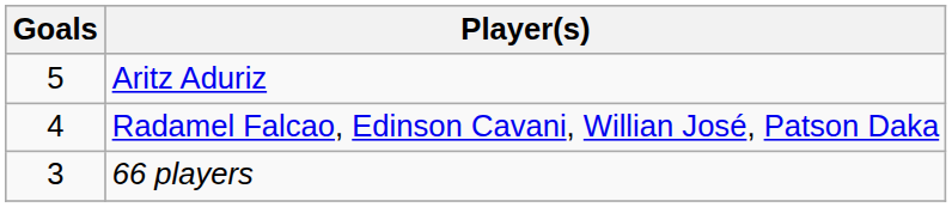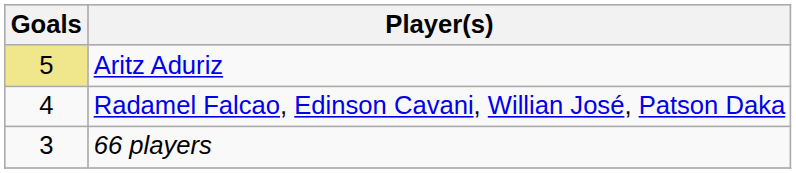 <table class="wikitable">
 <tr>
 <th>Goals</th>
 <th>Player(s)</th>
 </tr>
 <tr>
-<td align=center>5</td>
+<td align=center style="background: khaki;">5</td>
 <td><a href='#'>Aritz Aduriz</a></td>
 </tr>
 <tr>
 <td align=center>4</td>
 <td><a href='#'>Radamel Falcao</a>, <a href='#'>Edinson Cavani</a>, <a href='#'>Willian José</a>, <a href='#'>Patson Daka</a></td>
 </tr>
 <tr>
 <td align=center>3</td>
 <td><em>66 players</em></td>
 </tr>
 </table>
